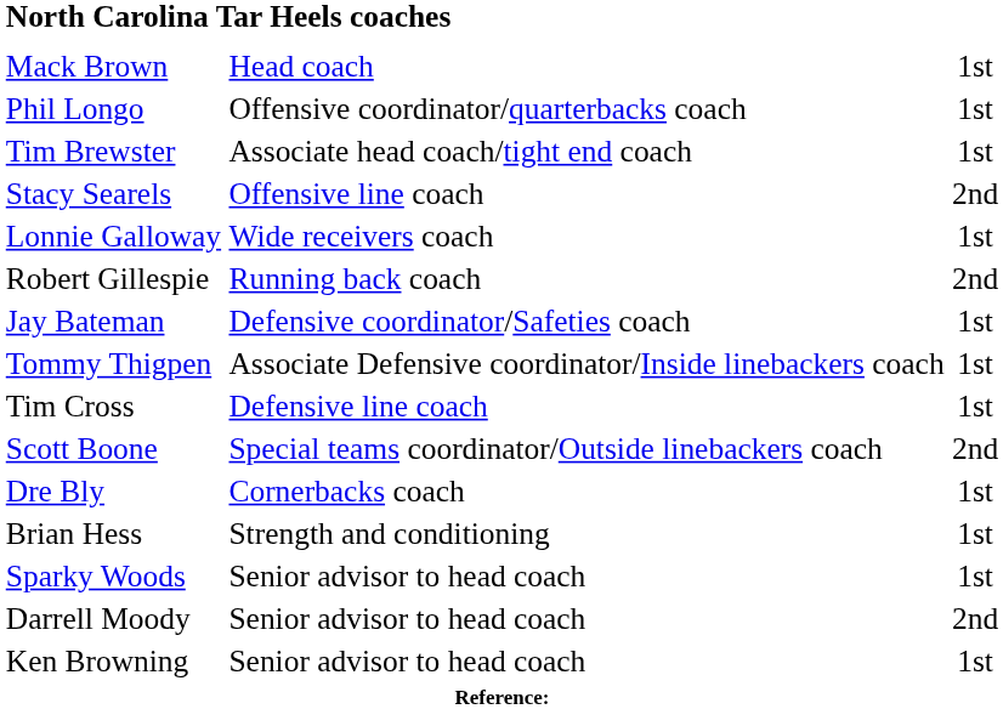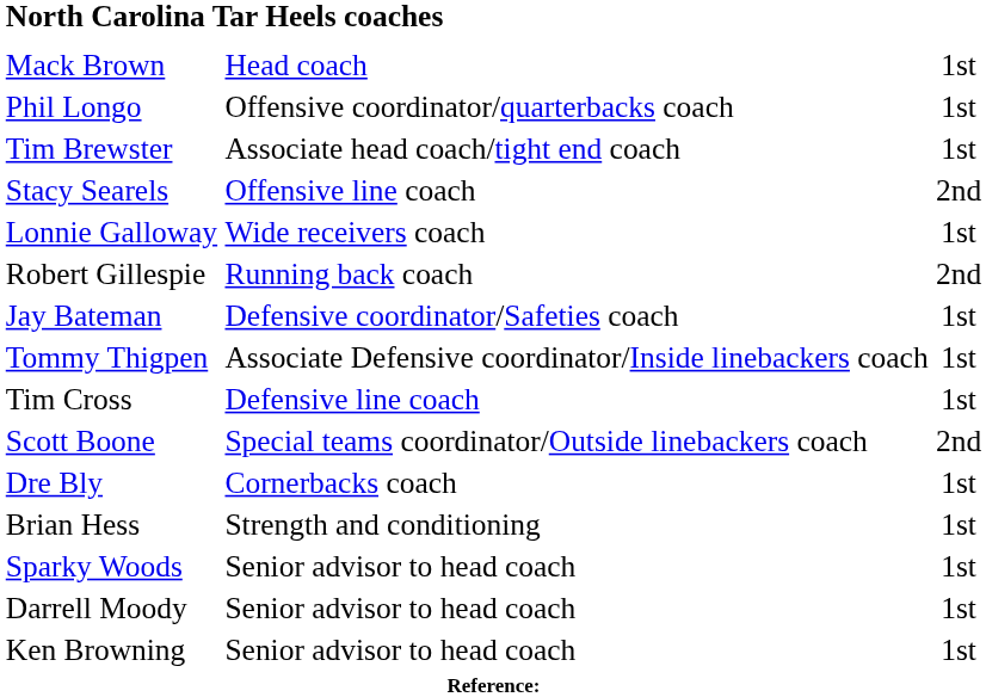 <table class="toccolours" style="text-align: left;">
 <tr>
 <td colspan="9"><strong>North Carolina Tar Heels coaches</strong></td>
 </tr>
 <tr>
 <td style="font-size: 95%;" valign="top"></td>
 </tr>
 <tr>
 <td><a href='#'>Mack Brown</a></td>
 <td><a href='#'>Head coach</a></td>
 <td align=center>1st</td>
 </tr>
 <tr>
 <td><a href='#'>Phil Longo</a></td>
 <td>Offensive coordinator/<a href='#'>quarterbacks</a> coach</td>
 <td align=center>1st</td>
 </tr>
 <tr>
 <td><a href='#'>Tim Brewster</a></td>
 <td>Associate head coach/<a href='#'>tight end</a> coach</td>
 <td align=center>1st</td>
 </tr>
 <tr>
 <td><a href='#'>Stacy Searels</a></td>
 <td><a href='#'>Offensive line</a> coach</td>
 <td align=center>2nd</td>
 </tr>
 <tr>
 <td><a href='#'>Lonnie Galloway</a></td>
 <td><a href='#'>Wide receivers</a> coach</td>
 <td align=center>1st</td>
 </tr>
 <tr>
 <td>Robert Gillespie</td>
 <td><a href='#'>Running back</a> coach</td>
 <td align=center>2nd</td>
 </tr>
 <tr>
 <td><a href='#'>Jay Bateman</a></td>
 <td><a href='#'>Defensive coordinator</a>/<a href='#'>Safeties</a> coach</td>
 <td align=center>1st</td>
 </tr>
 <tr>
 <td><a href='#'>Tommy Thigpen</a></td>
 <td>Associate Defensive coordinator/<a href='#'>Inside linebackers</a> coach</td>
 <td align=center>1st</td>
 </tr>
 <tr>
 <td>Tim Cross</td>
 <td><a href='#'>Defensive line coach</a></td>
 <td align=center>1st</td>
 </tr>
 <tr>
 <td><a href='#'>Scott Boone</a></td>
 <td><a href='#'>Special teams</a> coordinator/<a href='#'>Outside linebackers</a> coach</td>
 <td align=center>2nd</td>
 </tr>
 <tr>
 <td><a href='#'>Dre Bly</a></td>
 <td><a href='#'>Cornerbacks</a> coach</td>
 <td align=center>1st</td>
 </tr>
 <tr>
 <td>Brian Hess</td>
 <td>Strength and conditioning</td>
 <td align=center>1st</td>
 </tr>
 <tr>
 <td><a href='#'>Sparky Woods</a></td>
 <td>Senior advisor to head coach</td>
 <td align=center>1st</td>
 </tr>
 <tr>
 <td>Darrell Moody</td>
 <td>Senior advisor to head coach</td>
-<td align=center>2nd</td>
+<td align=center>1st</td>
 </tr>
 <tr>
 <td>Ken Browning</td>
 <td>Senior advisor to head coach</td>
 <td align=center>1st</td>
 </tr>
 <tr>
 <td colspan="4"  style="font-size:8pt; text-align:center;"><strong>Reference:</strong></td>
 </tr>
 </table>
